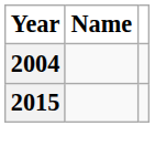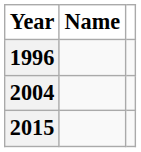 <table class="wikitable sortable plainrowheaders" style="text-align:center">
 <tr>
 <th scope="col" style="background-color:#ffffff; border-top:#">Year</th>
 <th scope="col" style="background-color:#ffffff; border-top:#">Name</th>
 <th scope="col" class="unsortable" style="background-color:#ffffff; border-top:#"></th>
+</tr>
+<tr>
+<th scope="row" style="text-align:center">1996</th>
+<td></td>
+<td></td>
 </tr>
 <tr>
 <th scope="row" style="text-align:center">2004</th>
 <td></td>
 <td></td>
 </tr>
 <tr>
 <th scope="row" style="text-align:center">2015</th>
 <td></td>
 <td></td>
 </tr>
 </table>
